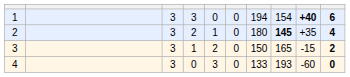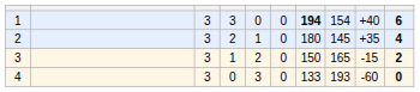 <table class="wikitable" style="text-align:center; font-size:95%">
 <tr>
 <th width="25"></th>
 <th width="200"></th>
 <th width="25"></th>
 <th width="25"></th>
 <th width="25"></th>
 <th width="25"></th>
 <th width="30"></th>
 <th width="30"></th>
 <th width="30"></th>
 <th width="30"></th>
 </tr>
 <tr style="background:#e6efff">
 <td>1</td>
 <td style="text-align:left"></td>
 <td>3</td>
 <td>3</td>
 <td>0</td>
 <td>0</td>
-<td>194</td>
+<td><strong>194</strong></td>
 <td>154</td>
-<td><strong>+40</strong></td>
+<td>+40</td>
 <td><strong>6</strong></td>
 </tr>
 <tr style="background:#e6efff">
 <td>2</td>
 <td style="text-align:left"></td>
 <td>3</td>
 <td>2</td>
 <td>1</td>
 <td>0</td>
 <td>180</td>
-<td><strong>145</strong></td>
+<td>145</td>
 <td>+35</td>
 <td><strong>4</strong></td>
 </tr>
 <tr style="background:#fff6e6">
 <td>3</td>
 <td style="text-align:left"></td>
 <td>3</td>
 <td>1</td>
 <td>2</td>
 <td>0</td>
 <td>150</td>
 <td>165</td>
 <td>-15</td>
 <td><strong>2</strong></td>
 </tr>
 <tr style="background:#fff6e6">
 <td>4</td>
 <td style="text-align:left"></td>
 <td>3</td>
 <td>0</td>
 <td>3</td>
 <td>0</td>
 <td>133</td>
 <td>193</td>
 <td>-60</td>
 <td><strong>0</strong></td>
 </tr>
 </table>
